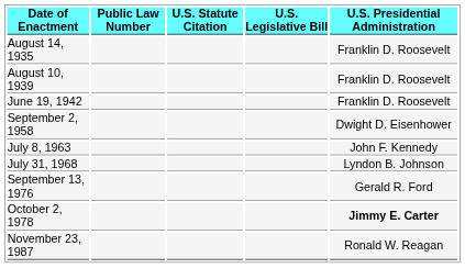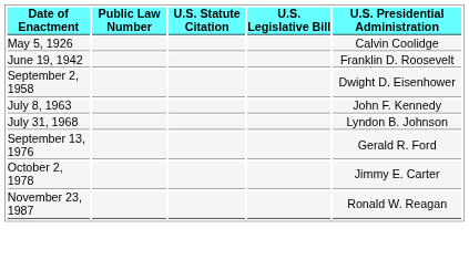 <table style="border:1px solid gray; align:left; width:70%" cellspacing=3 cellpadding=0>
 <tr style="font-weight:bold; text-align:center; background:#6FF; color:black;">
 <th style=" border-bottom:1.5px solid black">Date of Enactment</th>
 <th style=" border-bottom:1.5px solid black">Public Law Number</th>
 <th style=" border-bottom:1.5px solid black">U.S. Statute Citation</th>
 <th style=" border-bottom:1.5px solid black">U.S. Legislative Bill</th>
 <th style=" border-bottom:1.5px solid black">U.S. Presidential Administration</th>
 </tr>
 <tr>
-<td style="border-bottom:1px solid gray; background:#F5F5F5;">August 14, 1935</td>
+<td style="border-bottom:1px solid gray; background:#F5F5F5;">May 5, 1926</td>
 <td style="border-bottom:1px solid gray; background:#F5F5F5; text-align:center;"></td>
 <td style="border-bottom:1px solid gray; background:#F5F5F5; text-align:center;"></td>
 <td style="border-bottom:1px solid gray; background:#F5F5F5; text-align:center;"></td>
-<td style="border-bottom:1px solid gray; background:#F5F5F5; text-align:center;">Franklin D. Roosevelt</td>
-</tr>
-<tr>
-<td style="border-bottom:1px solid gray; background:#F5F5F5;">August 10, 1939</td>
-<td style="border-bottom:1px solid gray; background:#F5F5F5; text-align:center;"></td>
-<td style="border-bottom:1px solid gray; background:#F5F5F5; text-align:center;"></td>
-<td style="border-bottom:1px solid gray; background:#F5F5F5; text-align:center;"></td>
-<td style="border-bottom:1px solid gray; background:#F5F5F5; text-align:center;">Franklin D. Roosevelt</td>
+<td style="border-bottom:1px solid gray; background:#F5F5F5; text-align:center;">Calvin Coolidge</td>
 </tr>
 <tr>
 <td style="border-bottom:1px solid gray; background:#F5F5F5;">June 19, 1942</td>
 <td style="border-bottom:1px solid gray; background:#F5F5F5; text-align:center;"></td>
 <td style="border-bottom:1px solid gray; background:#F5F5F5; text-align:center;"></td>
 <td style="border-bottom:1px solid gray; background:#F5F5F5; text-align:center;"></td>
 <td style="border-bottom:1px solid gray; background:#F5F5F5; text-align:center;">Franklin D. Roosevelt</td>
 </tr>
 <tr>
 <td style="border-bottom:1px solid gray; background:#F5F5F5;">September 2, 1958</td>
 <td style="border-bottom:1px solid gray; background:#F5F5F5; text-align:center;"></td>
 <td style="border-bottom:1px solid gray; background:#F5F5F5; text-align:center;"></td>
 <td style="border-bottom:1px solid gray; background:#F5F5F5; text-align:center;"></td>
 <td style="border-bottom:1px solid gray; background:#F5F5F5; text-align:center;">Dwight D. Eisenhower</td>
 </tr>
 <tr>
 <td style="border-bottom:1px solid gray; background:#F5F5F5;">July 8, 1963</td>
 <td style="border-bottom:1px solid gray; background:#F5F5F5; text-align:center;"></td>
 <td style="border-bottom:1px solid gray; background:#F5F5F5; text-align:center;"></td>
 <td style="border-bottom:1px solid gray; background:#F5F5F5; text-align:center;"></td>
 <td style="border-bottom:1px solid gray; background:#F5F5F5; text-align:center;">John F. Kennedy</td>
 </tr>
 <tr>
 <td style="border-bottom:1px solid gray; background:#F5F5F5;">July 31, 1968</td>
 <td style="border-bottom:1px solid gray; background:#F5F5F5; text-align:center;"></td>
 <td style="border-bottom:1px solid gray; background:#F5F5F5; text-align:center;"></td>
 <td style="border-bottom:1px solid gray; background:#F5F5F5; text-align:center;"></td>
 <td style="border-bottom:1px solid gray; background:#F5F5F5; text-align:center;">Lyndon B. Johnson</td>
 </tr>
 <tr>
 <td style="border-bottom:1px solid gray; background:#F5F5F5;">September 13, 1976</td>
 <td style="border-bottom:1px solid gray; background:#F5F5F5; text-align:center;"></td>
 <td style="border-bottom:1px solid gray; background:#F5F5F5; text-align:center;"></td>
 <td style="border-bottom:1px solid gray; background:#F5F5F5; text-align:center;"></td>
 <td style="border-bottom:1px solid gray; background:#F5F5F5; text-align:center;">Gerald R. Ford</td>
 </tr>
 <tr>
 <td style="border-bottom:1px solid gray; background:#F5F5F5;">October 2, 1978</td>
 <td style="border-bottom:1px solid gray; background:#F5F5F5; text-align:center;"></td>
 <td style="border-bottom:1px solid gray; background:#F5F5F5; text-align:center;"></td>
 <td style="border-bottom:1px solid gray; background:#F5F5F5; text-align:center;"></td>
-<td style="border-bottom:1px solid gray; background:#F5F5F5; text-align:center;"><strong>Jimmy E. Carter</strong></td>
+<td style="border-bottom:1px solid gray; background:#F5F5F5; text-align:center;">Jimmy E. Carter</td>
 </tr>
 <tr>
 <td style="border-bottom:1.5px solid black; background:#F5F5F5;">November 23, 1987</td>
 <td style="border-bottom:1.5px solid black; background:#F5F5F5; text-align:center;"></td>
 <td style="border-bottom:1.5px solid black; background:#F5F5F5; text-align:center;"></td>
 <td style="border-bottom:1.5px solid black; background:#F5F5F5; text-align:center;"></td>
 <td style="border-bottom:1.5px solid black; background:#F5F5F5; text-align:center;">Ronald W. Reagan</td>
 </tr>
 </table>
